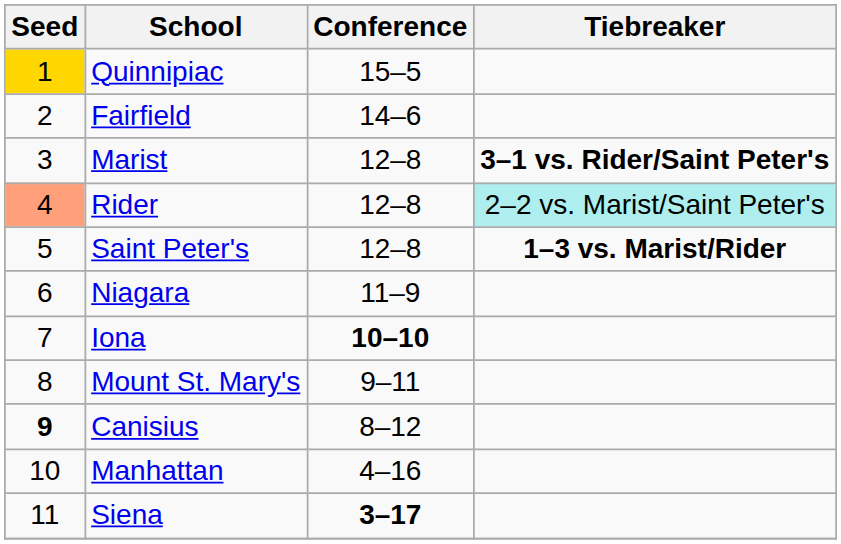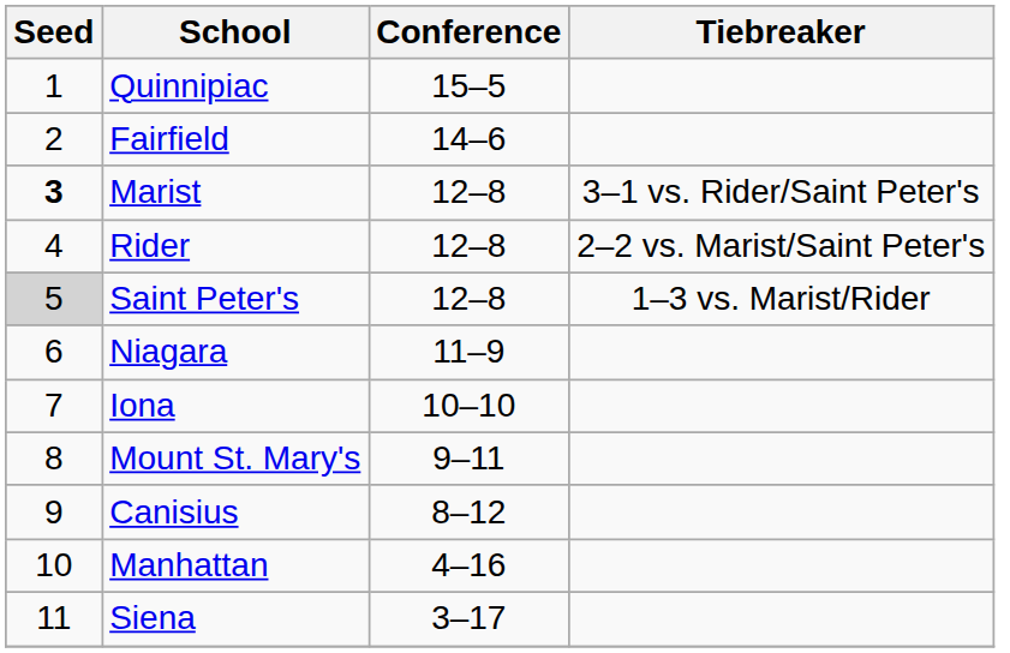 <table class="wikitable" style="text-align:center">
 <tr>
 <th>Seed</th>
 <th>School</th>
 <th>Conference</th>
 <th>Tiebreaker</th>
 </tr>
 <tr>
-<td style="background: gold;">1</td>
+<td>1</td>
 <td align=left><a href='#'>Quinnipiac</a></td>
 <td>15–5</td>
 <td></td>
 </tr>
 <tr>
 <td>2</td>
 <td align=left><a href='#'>Fairfield</a></td>
 <td>14–6</td>
 <td></td>
 </tr>
 <tr>
-<td>3</td>
+<td><strong>3</strong></td>
 <td align=left><a href='#'>Marist</a></td>
 <td>12–8</td>
-<td><strong>3–1 vs. Rider/Saint Peter's</strong></td>
+<td>3–1 vs. Rider/Saint Peter's</td>
 </tr>
 <tr>
-<td style="background: lightsalmon;">4</td>
+<td>4</td>
 <td align=left><a href='#'>Rider</a></td>
 <td>12–8</td>
-<td style="background: paleturquoise;">2–2 vs. Marist/Saint Peter's</td>
+<td>2–2 vs. Marist/Saint Peter's</td>
 </tr>
 <tr>
-<td>5</td>
+<td style="background: lightgrey;">5</td>
 <td align=left><a href='#'>Saint Peter's</a></td>
 <td>12–8</td>
-<td><strong>1–3 vs. Marist/Rider</strong></td>
+<td>1–3 vs. Marist/Rider</td>
 </tr>
 <tr>
 <td>6</td>
 <td align=left><a href='#'>Niagara</a></td>
 <td>11–9</td>
 <td></td>
 </tr>
 <tr>
 <td>7</td>
 <td align=left><a href='#'>Iona</a></td>
-<td><strong>10–10</strong></td>
+<td>10–10</td>
 <td></td>
 </tr>
 <tr>
 <td>8</td>
 <td align=left><a href='#'>Mount St. Mary's</a></td>
 <td>9–11</td>
 <td></td>
 </tr>
 <tr>
-<td><strong>9</strong></td>
+<td>9</td>
 <td align=left><a href='#'>Canisius</a></td>
 <td>8–12</td>
 <td></td>
 </tr>
 <tr>
 <td>10</td>
 <td align=left><a href='#'>Manhattan</a></td>
 <td>4–16</td>
 <td></td>
 </tr>
 <tr>
 <td>11</td>
 <td align=left><a href='#'>Siena</a></td>
-<td><strong>3–17</strong></td>
+<td>3–17</td>
 <td></td>
 </tr>
 <tr>
 </tr>
 </table>
